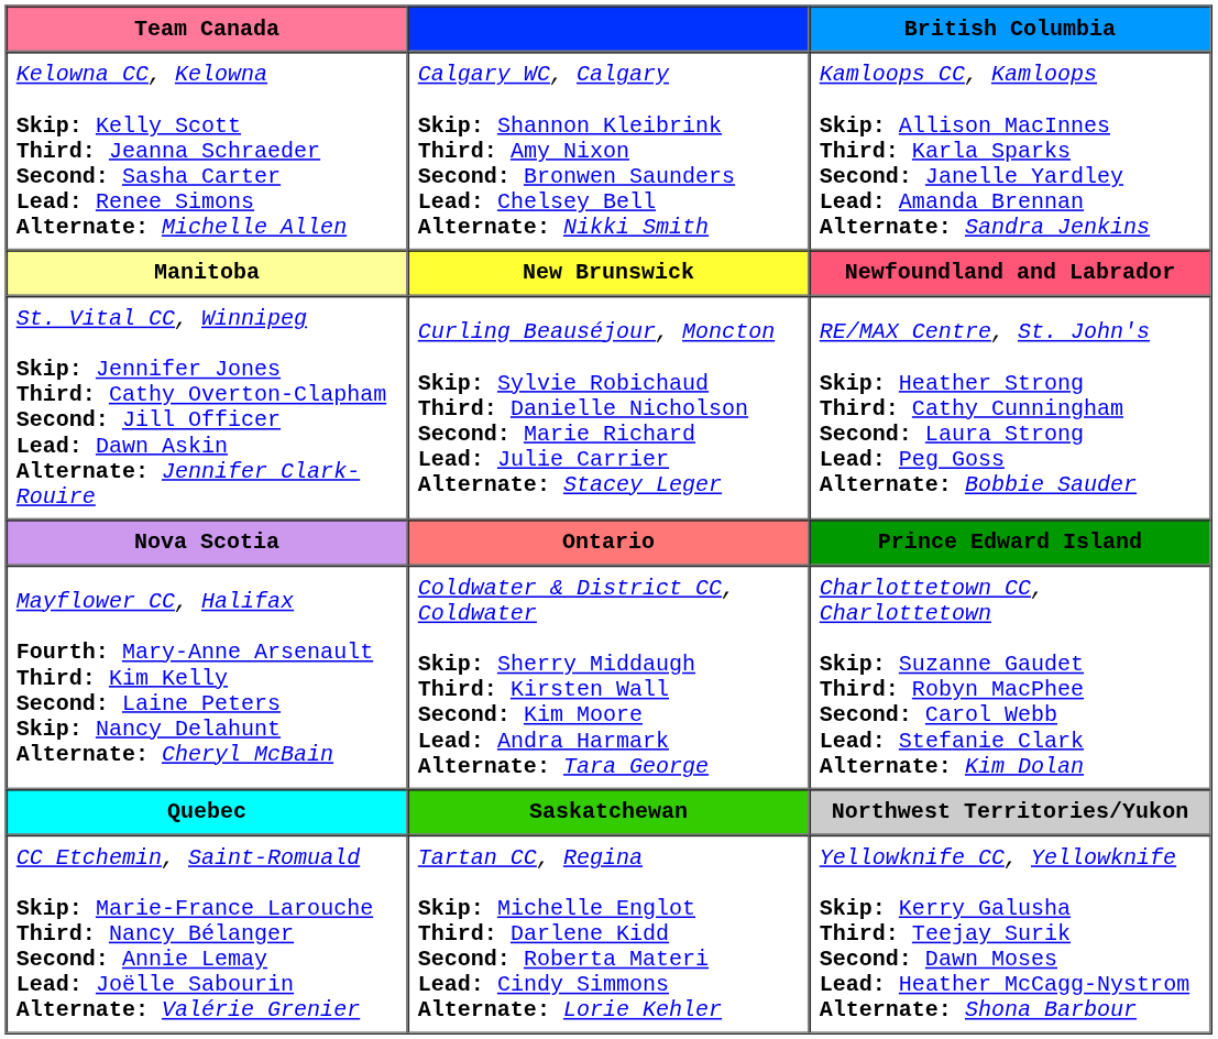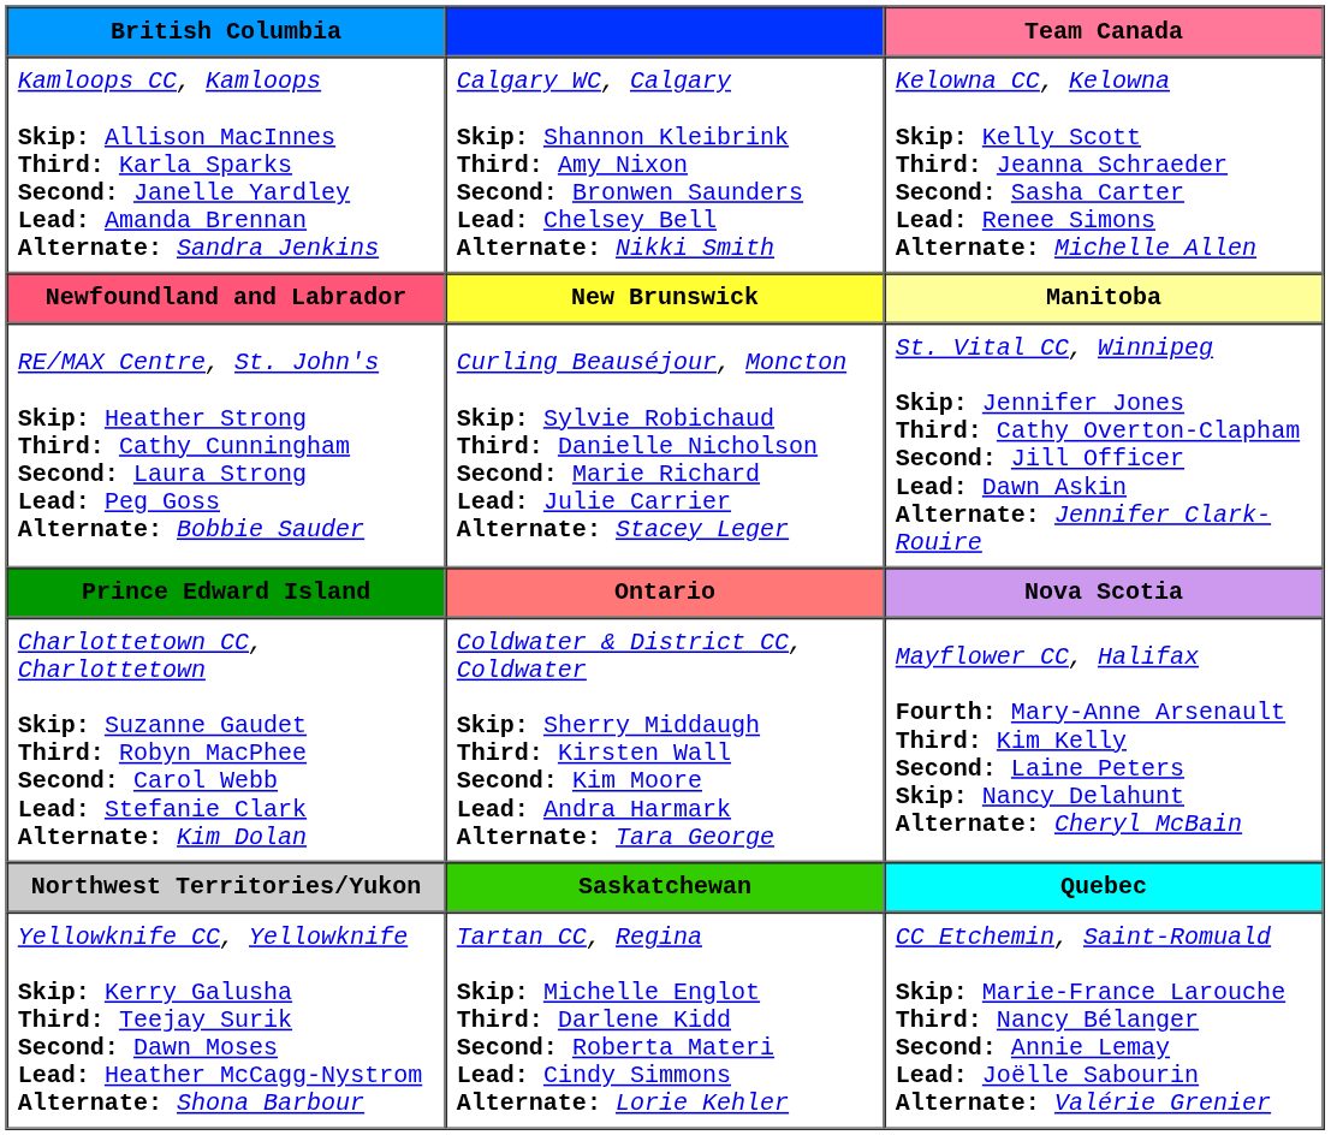 <table border=1 cellpadding=5 cellspacing=0>
 <tr>
+<th style="background:#09f; width:225px;">British Columbia</th>
+<th style="background:#03f; width:225px;"></th>
 <th style="background:#f79; width:225px;">Team Canada</th>
-<th style="background:#03f; width:225px;"></th>
-<th style="background:#09f; width:225px;">British Columbia</th>
 </tr>
 <tr align=center>
+<td align=left><em><a href='#'>Kamloops CC</a>, <a href='#'>Kamloops</a></em><br><br><strong>Skip:</strong> <a href='#'>Allison MacInnes</a><br> <strong>Third:</strong> <a href='#'>Karla Sparks</a><br> <strong>Second:</strong> <a href='#'>Janelle Yardley</a><br> <strong>Lead:</strong> <a href='#'>Amanda Brennan</a><br> <strong>Alternate:</strong> <em><a href='#'>Sandra Jenkins</a></em></td>
+<td align=left><em><a href='#'>Calgary WC</a>, <a href='#'>Calgary</a></em><br><br><strong>Skip:</strong> <a href='#'>Shannon Kleibrink</a><br> <strong>Third:</strong> <a href='#'>Amy Nixon</a><br> <strong>Second:</strong> <a href='#'>Bronwen Saunders</a><br> <strong>Lead:</strong> <a href='#'>Chelsey Bell</a><br> <strong>Alternate:</strong> <em><a href='#'>Nikki Smith</a></em></td>
 <td align=left><em><a href='#'>Kelowna CC</a>, <a href='#'>Kelowna</a></em><br><br><strong>Skip:</strong> <a href='#'>Kelly Scott</a><br> <strong>Third:</strong> <a href='#'>Jeanna Schraeder</a><br> <strong>Second:</strong> <a href='#'>Sasha Carter</a><br> <strong>Lead:</strong> <a href='#'>Renee Simons</a><br> <strong>Alternate:</strong> <em><a href='#'>Michelle Allen</a></em></td>
-<td align=left><em><a href='#'>Calgary WC</a>, <a href='#'>Calgary</a></em><br><br><strong>Skip:</strong> <a href='#'>Shannon Kleibrink</a><br> <strong>Third:</strong> <a href='#'>Amy Nixon</a><br> <strong>Second:</strong> <a href='#'>Bronwen Saunders</a><br> <strong>Lead:</strong> <a href='#'>Chelsey Bell</a><br> <strong>Alternate:</strong> <em><a href='#'>Nikki Smith</a></em></td>
-<td align=left><em><a href='#'>Kamloops CC</a>, <a href='#'>Kamloops</a></em><br><br><strong>Skip:</strong> <a href='#'>Allison MacInnes</a><br> <strong>Third:</strong> <a href='#'>Karla Sparks</a><br> <strong>Second:</strong> <a href='#'>Janelle Yardley</a><br> <strong>Lead:</strong> <a href='#'>Amanda Brennan</a><br> <strong>Alternate:</strong> <em><a href='#'>Sandra Jenkins</a></em></td>
 </tr>
 <tr border=1 cellpadding=5 cellspacing=0>
+<th style="background:#f57; width:200px;">Newfoundland and Labrador</th>
+<th style="background:#ff3; width:200px;">New Brunswick</th>
 <th style="background:#ff9; width:200px;">Manitoba</th>
-<th style="background:#ff3; width:200px;">New Brunswick</th>
-<th style="background:#f57; width:200px;">Newfoundland and Labrador</th>
 </tr>
 <tr align=center>
+<td align=left><em><a href='#'>RE/MAX Centre</a>, <a href='#'>St. John's</a></em><br><br><strong>Skip:</strong> <a href='#'>Heather Strong</a><br> <strong>Third:</strong> <a href='#'>Cathy Cunningham</a><br> <strong>Second:</strong> <a href='#'>Laura Strong</a><br> <strong>Lead:</strong> <a href='#'>Peg Goss</a><br> <strong>Alternate:</strong> <em><a href='#'>Bobbie Sauder</a></em></td>
+<td align=left><em><a href='#'>Curling Beauséjour</a>, <a href='#'>Moncton</a></em><br><br><strong>Skip:</strong> <a href='#'>Sylvie Robichaud</a><br> <strong>Third:</strong> <a href='#'>Danielle Nicholson</a><br> <strong>Second:</strong> <a href='#'>Marie Richard</a><br> <strong>Lead:</strong> <a href='#'>Julie Carrier</a><br> <strong>Alternate:</strong> <em><a href='#'>Stacey Leger</a></em></td>
 <td align=left><em><a href='#'>St. Vital CC</a>, <a href='#'>Winnipeg</a></em><br><br><strong>Skip:</strong> <a href='#'>Jennifer Jones</a><br> <strong>Third:</strong> <a href='#'>Cathy Overton-Clapham</a><br> <strong>Second:</strong> <a href='#'>Jill Officer</a><br> <strong>Lead:</strong> <a href='#'>Dawn Askin</a><br> <strong>Alternate:</strong> <em><a href='#'>Jennifer Clark-Rouire</a></em></td>
-<td align=left><em><a href='#'>Curling Beauséjour</a>, <a href='#'>Moncton</a></em><br><br><strong>Skip:</strong> <a href='#'>Sylvie Robichaud</a><br> <strong>Third:</strong> <a href='#'>Danielle Nicholson</a><br> <strong>Second:</strong> <a href='#'>Marie Richard</a><br> <strong>Lead:</strong> <a href='#'>Julie Carrier</a><br> <strong>Alternate:</strong> <em><a href='#'>Stacey Leger</a></em></td>
-<td align=left><em><a href='#'>RE/MAX Centre</a>, <a href='#'>St. John's</a></em><br><br><strong>Skip:</strong> <a href='#'>Heather Strong</a><br> <strong>Third:</strong> <a href='#'>Cathy Cunningham</a><br> <strong>Second:</strong> <a href='#'>Laura Strong</a><br> <strong>Lead:</strong> <a href='#'>Peg Goss</a><br> <strong>Alternate:</strong> <em><a href='#'>Bobbie Sauder</a></em></td>
 </tr>
 <tr border=1 cellpadding=5 cellspacing=0>
+<th style="background:#090; width:200px;">Prince Edward Island</th>
+<th style="background:#f77; width:200px;">Ontario</th>
 <th style="background:#c9e; width:200px;">Nova Scotia</th>
-<th style="background:#f77; width:200px;">Ontario</th>
-<th style="background:#090; width:200px;">Prince Edward Island</th>
 </tr>
 <tr align=center>
+<td align=left><em><a href='#'>Charlottetown CC</a>, <a href='#'>Charlottetown</a></em><br><br><strong>Skip:</strong> <a href='#'>Suzanne Gaudet</a><br> <strong>Third:</strong> <a href='#'>Robyn MacPhee</a><br> <strong>Second:</strong> <a href='#'>Carol Webb</a><br> <strong>Lead:</strong> <a href='#'>Stefanie Clark</a><br> <strong>Alternate:</strong> <em><a href='#'>Kim Dolan</a></em></td>
+<td align=left><em><a href='#'>Coldwater & District CC</a>, <a href='#'>Coldwater</a></em><br><br><strong>Skip:</strong> <a href='#'>Sherry Middaugh</a><br> <strong>Third:</strong> <a href='#'>Kirsten Wall</a><br> <strong>Second:</strong> <a href='#'>Kim Moore</a><br> <strong>Lead:</strong> <a href='#'>Andra Harmark</a> <br> <strong>Alternate:</strong> <em><a href='#'>Tara George</a></em></td>
 <td align=left><em><a href='#'>Mayflower CC</a>, <a href='#'>Halifax</a></em><br><br><strong>Fourth:</strong> <a href='#'>Mary-Anne Arsenault</a><br> <strong>Third:</strong> <a href='#'>Kim Kelly</a><br> <strong>Second:</strong> <a href='#'>Laine Peters</a><br> <strong>Skip:</strong> <a href='#'>Nancy Delahunt</a><br> <strong>Alternate:</strong> <em><a href='#'>Cheryl McBain</a></em></td>
-<td align=left><em><a href='#'>Coldwater & District CC</a>, <a href='#'>Coldwater</a></em><br><br><strong>Skip:</strong> <a href='#'>Sherry Middaugh</a><br> <strong>Third:</strong> <a href='#'>Kirsten Wall</a><br> <strong>Second:</strong> <a href='#'>Kim Moore</a><br> <strong>Lead:</strong> <a href='#'>Andra Harmark</a> <br> <strong>Alternate:</strong> <em><a href='#'>Tara George</a></em></td>
-<td align=left><em><a href='#'>Charlottetown CC</a>, <a href='#'>Charlottetown</a></em><br><br><strong>Skip:</strong> <a href='#'>Suzanne Gaudet</a><br> <strong>Third:</strong> <a href='#'>Robyn MacPhee</a><br> <strong>Second:</strong> <a href='#'>Carol Webb</a><br> <strong>Lead:</strong> <a href='#'>Stefanie Clark</a><br> <strong>Alternate:</strong> <em><a href='#'>Kim Dolan</a></em></td>
 </tr>
 <tr border=1 cellpadding=5 cellspacing=0>
+<th style="background:#ccc; width:200px;">Northwest Territories/Yukon</th>
+<th style="background:#3c0; width:200px;">Saskatchewan</th>
 <th style="background:#0ff; width:200px;">Quebec</th>
-<th style="background:#3c0; width:200px;">Saskatchewan</th>
-<th style="background:#ccc; width:200px;">Northwest Territories/Yukon</th>
 </tr>
 <tr align=center>
+<td align=left><em><a href='#'>Yellowknife CC</a>, <a href='#'>Yellowknife</a></em><br><br><strong>Skip:</strong> <a href='#'>Kerry Galusha</a><br> <strong>Third:</strong> <a href='#'>Teejay Surik</a><br> <strong>Second:</strong> <a href='#'>Dawn Moses</a><br> <strong>Lead:</strong> <a href='#'>Heather McCagg-Nystrom</a><br>  <strong>Alternate:</strong> <em><a href='#'>Shona Barbour</a></em></td>
+<td align=left><em><a href='#'>Tartan CC</a>, <a href='#'>Regina</a></em><br><br><strong>Skip:</strong> <a href='#'>Michelle Englot</a><br> <strong>Third:</strong> <a href='#'>Darlene Kidd</a><br> <strong>Second:</strong> <a href='#'>Roberta Materi</a><br> <strong>Lead:</strong> <a href='#'>Cindy Simmons</a><br> <strong>Alternate:</strong> <em><a href='#'>Lorie Kehler</a></em></td>
 <td align=left><em><a href='#'>CC Etchemin</a>, <a href='#'>Saint-Romuald</a></em><br><br><strong>Skip:</strong> <a href='#'>Marie-France Larouche</a><br> <strong>Third:</strong> <a href='#'>Nancy Bélanger</a><br> <strong>Second:</strong> <a href='#'>Annie Lemay</a><br>  <strong>Lead:</strong> <a href='#'>Joëlle Sabourin</a><br> <strong>Alternate:</strong> <em><a href='#'>Valérie Grenier</a></em></td>
-<td align=left><em><a href='#'>Tartan CC</a>, <a href='#'>Regina</a></em><br><br><strong>Skip:</strong> <a href='#'>Michelle Englot</a><br> <strong>Third:</strong> <a href='#'>Darlene Kidd</a><br> <strong>Second:</strong> <a href='#'>Roberta Materi</a><br> <strong>Lead:</strong> <a href='#'>Cindy Simmons</a><br> <strong>Alternate:</strong> <em><a href='#'>Lorie Kehler</a></em></td>
-<td align=left><em><a href='#'>Yellowknife CC</a>, <a href='#'>Yellowknife</a></em><br><br><strong>Skip:</strong> <a href='#'>Kerry Galusha</a><br> <strong>Third:</strong> <a href='#'>Teejay Surik</a><br> <strong>Second:</strong> <a href='#'>Dawn Moses</a><br> <strong>Lead:</strong> <a href='#'>Heather McCagg-Nystrom</a><br>  <strong>Alternate:</strong> <em><a href='#'>Shona Barbour</a></em></td>
 </tr>
 </table>
